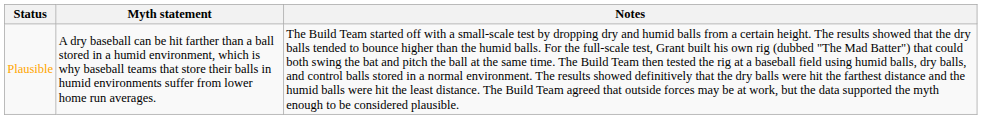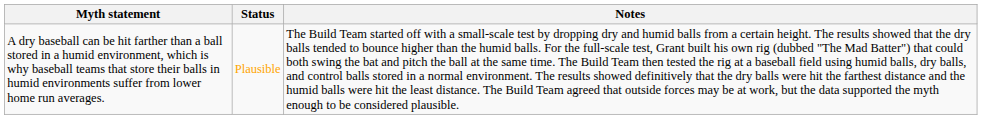 <table class="wikitable plainrowheaders">
 <tr>
+<th>Myth statement</th>
 <th>Status</th>
-<th>Myth statement</th>
 <th>Notes</th>
 </tr>
 <tr>
+<td>A dry baseball can be hit farther than a ball stored in a humid environment, which is why baseball teams that store their balls in humid environments suffer from lower home run averages.</td>
 <td style="color:orange">Plausible</td>
-<td>A dry baseball can be hit farther than a ball stored in a humid environment, which is why baseball teams that store their balls in humid environments suffer from lower home run averages.</td>
 <td>The Build Team started off with a small-scale test by dropping dry and humid balls from a certain height. The results showed that the dry balls tended to bounce higher than the humid balls. For the full-scale test, Grant built his own rig (dubbed "The Mad Batter") that could both swing the bat and pitch the ball at the same time. The Build Team then tested the rig at a baseball field using humid balls, dry balls, and control balls stored in a normal environment. The results showed definitively that the dry balls were hit the farthest distance and the humid balls were hit the least distance. The Build Team agreed that outside forces may be at work, but the data supported the myth enough to be considered plausible.</td>
 </tr>
 </table>
